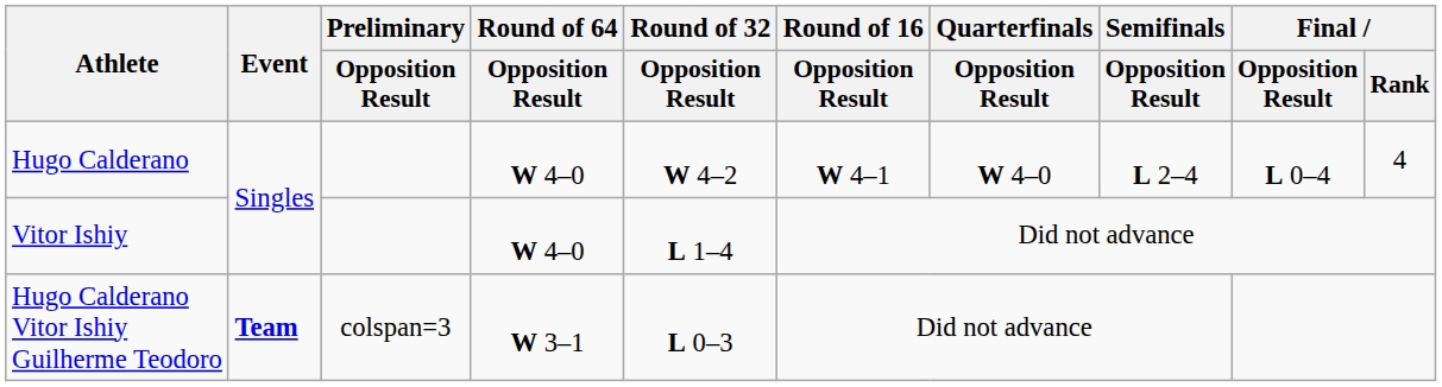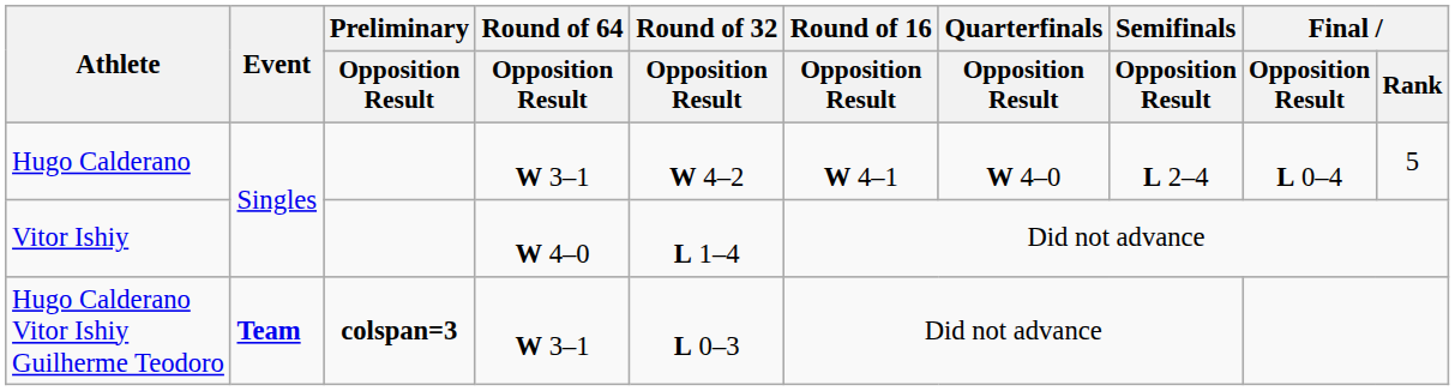 <table class=wikitable style=font-size:90%;text-align:center>
 <tr>
 <th rowspan=2>Athlete</th>
 <th rowspan=2>Event</th>
 <th>Preliminary</th>
 <th>Round of 64</th>
 <th>Round of 32</th>
 <th>Round of 16</th>
 <th>Quarterfinals</th>
 <th>Semifinals</th>
 <th colspan=2>Final / </th>
 </tr>
 <tr style=font-size:95%>
 <th>Opposition<br>Result</th>
 <th>Opposition<br>Result</th>
 <th>Opposition<br>Result</th>
 <th>Opposition<br>Result</th>
 <th>Opposition<br>Result</th>
 <th>Opposition<br>Result</th>
 <th>Opposition<br>Result</th>
 <th>Rank</th>
 </tr>
 <tr>
 <td align=left><a href='#'>Hugo Calderano</a></td>
 <td align=left rowspan=2><a href='#'>Singles</a></td>
 <td></td>
-<td><br><strong>W</strong> 4–0</td>
+<td><br><strong>W</strong> 3–1</td>
 <td><br><strong>W</strong> 4–2</td>
 <td><br> <strong>W</strong> 4–1</td>
 <td><br><strong>W</strong> 4–0</td>
 <td><br><strong>L</strong> 2–4</td>
 <td><br><strong>L</strong> 0–4</td>
-<td>4</td>
+<td>5</td>
 </tr>
 <tr align=center>
 <td align=left><a href='#'>Vitor Ishiy</a></td>
 <td></td>
 <td><br><strong>W</strong> 4–0</td>
 <td><br><strong>L</strong> 1–4</td>
 <td colspan=5>Did not advance</td>
 </tr>
 <tr>
 <td align=left><a href='#'>Hugo Calderano</a><br><a href='#'>Vitor Ishiy</a><br><a href='#'>Guilherme Teodoro</a></td>
 <td align=left><strong><a href='#'>Team</a></strong></td>
-<td>colspan=3 </td>
+<td><strong>colspan=3 </strong></td>
 <td><br><strong>W</strong> 3–1</td>
 <td><br><strong>L</strong> 0–3</td>
 <td colspan=3>Did not advance</td>
 </tr>
 </table>
